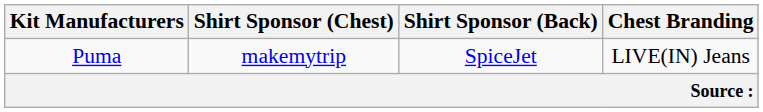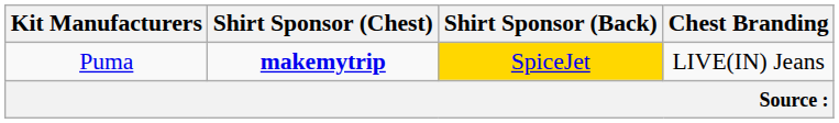 <table class="wikitable" style="text-align: center;">
 <tr>
 <th>Kit Manufacturers</th>
 <th>Shirt Sponsor (Chest)</th>
 <th>Shirt Sponsor (Back)</th>
 <th>Chest Branding</th>
 </tr>
 <tr>
 <td><a href='#'>Puma</a></td>
-<td><a href='#'>makemytrip</a></td>
-<td><a href='#'>SpiceJet</a></td>
+<td><strong><a href='#'>makemytrip</a></strong></td>
+<td style="background: gold;"><a href='#'>SpiceJet</a></td>
 <td>LIVE(IN) Jeans</td>
 </tr>
 <tr>
 <th colspan="6" style="text-align:right;"><small> Source : </small></th>
 </tr>
 </table>
